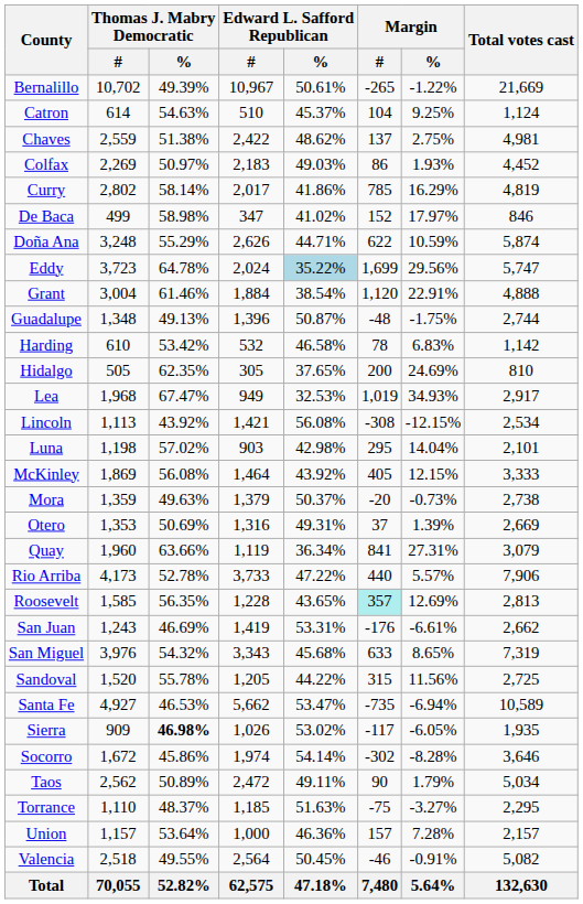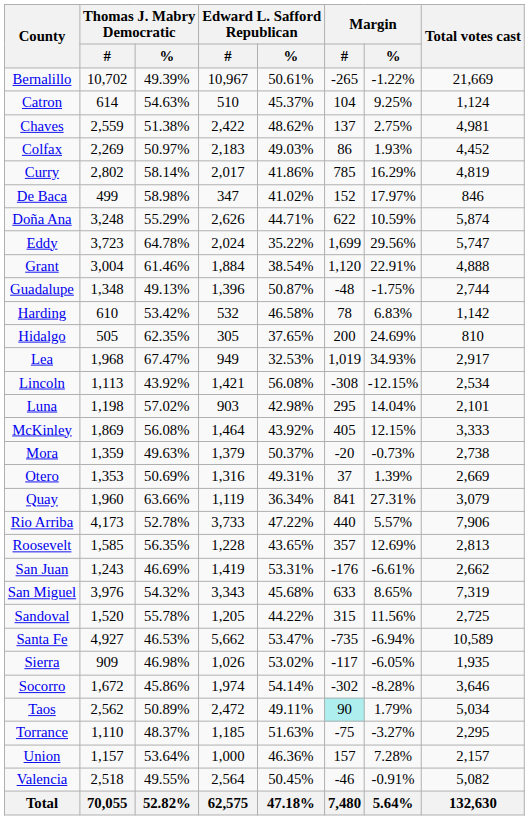 <table class="wikitable sortable" style="text-align:center">
 <tr>
 <th style="text-align:center;" rowspan="2">County</th>
 <th style="text-align:center;" colspan="2">Thomas J. Mabry<br>Democratic</th>
 <th style="text-align:center;" colspan="2">Edward L. Safford<br>Republican</th>
 <th style="text-align:center;" colspan="2">Margin</th>
 <th style="text-align:center;" rowspan="2">Total votes cast</th>
 </tr>
 <tr>
 <th style="text-align:center;" data-sort-type="number">#</th>
 <th style="text-align:center;" data-sort-type="number">%</th>
 <th style="text-align:center;" data-sort-type="number">#</th>
 <th style="text-align:center;" data-sort-type="number">%</th>
 <th style="text-align:center;" data-sort-type="number">#</th>
 <th style="text-align:center;" data-sort-type="number">%</th>
 </tr>
 <tr style="text-align:center;">
 <td><a href='#'>Bernalillo</a></td>
 <td>10,702</td>
 <td>49.39%</td>
 <td>10,967</td>
 <td>50.61%</td>
 <td>-265</td>
 <td>-1.22%</td>
 <td>21,669</td>
 </tr>
 <tr style="text-align:center;">
 <td><a href='#'>Catron</a></td>
 <td>614</td>
 <td>54.63%</td>
 <td>510</td>
 <td>45.37%</td>
 <td>104</td>
 <td>9.25%</td>
 <td>1,124</td>
 </tr>
 <tr style="text-align:center;">
 <td><a href='#'>Chaves</a></td>
 <td>2,559</td>
 <td>51.38%</td>
 <td>2,422</td>
 <td>48.62%</td>
 <td>137</td>
 <td>2.75%</td>
 <td>4,981</td>
 </tr>
 <tr style="text-align:center;">
 <td><a href='#'>Colfax</a></td>
 <td>2,269</td>
 <td>50.97%</td>
 <td>2,183</td>
 <td>49.03%</td>
 <td>86</td>
 <td>1.93%</td>
 <td>4,452</td>
 </tr>
 <tr style="text-align:center;">
 <td><a href='#'>Curry</a></td>
 <td>2,802</td>
 <td>58.14%</td>
 <td>2,017</td>
 <td>41.86%</td>
 <td>785</td>
 <td>16.29%</td>
 <td>4,819</td>
 </tr>
 <tr style="text-align:center;">
 <td><a href='#'>De Baca</a></td>
 <td>499</td>
 <td>58.98%</td>
 <td>347</td>
 <td>41.02%</td>
 <td>152</td>
 <td>17.97%</td>
 <td>846</td>
 </tr>
 <tr style="text-align:center;">
 <td><a href='#'>Doña Ana</a></td>
 <td>3,248</td>
 <td>55.29%</td>
 <td>2,626</td>
 <td>44.71%</td>
 <td>622</td>
 <td>10.59%</td>
 <td>5,874</td>
 </tr>
 <tr style="text-align:center;">
 <td><a href='#'>Eddy</a></td>
 <td>3,723</td>
 <td>64.78%</td>
 <td>2,024</td>
-<td style="background: lightblue;">35.22%</td>
+<td>35.22%</td>
 <td>1,699</td>
 <td>29.56%</td>
 <td>5,747</td>
 </tr>
 <tr style="text-align:center;">
 <td><a href='#'>Grant</a></td>
 <td>3,004</td>
 <td>61.46%</td>
 <td>1,884</td>
 <td>38.54%</td>
 <td>1,120</td>
 <td>22.91%</td>
 <td>4,888</td>
 </tr>
 <tr style="text-align:center;">
 <td><a href='#'>Guadalupe</a></td>
 <td>1,348</td>
 <td>49.13%</td>
 <td>1,396</td>
 <td>50.87%</td>
 <td>-48</td>
 <td>-1.75%</td>
 <td>2,744</td>
 </tr>
 <tr style="text-align:center;">
 <td><a href='#'>Harding</a></td>
 <td>610</td>
 <td>53.42%</td>
 <td>532</td>
 <td>46.58%</td>
 <td>78</td>
 <td>6.83%</td>
 <td>1,142</td>
 </tr>
 <tr style="text-align:center;">
 <td><a href='#'>Hidalgo</a></td>
 <td>505</td>
 <td>62.35%</td>
 <td>305</td>
 <td>37.65%</td>
 <td>200</td>
 <td>24.69%</td>
 <td>810</td>
 </tr>
 <tr style="text-align:center;">
 <td><a href='#'>Lea</a></td>
 <td>1,968</td>
 <td>67.47%</td>
 <td>949</td>
 <td>32.53%</td>
 <td>1,019</td>
 <td>34.93%</td>
 <td>2,917</td>
 </tr>
 <tr style="text-align:center;">
 <td><a href='#'>Lincoln</a></td>
 <td>1,113</td>
 <td>43.92%</td>
 <td>1,421</td>
 <td>56.08%</td>
 <td>-308</td>
 <td>-12.15%</td>
 <td>2,534</td>
 </tr>
 <tr style="text-align:center;">
 <td><a href='#'>Luna</a></td>
 <td>1,198</td>
 <td>57.02%</td>
 <td>903</td>
 <td>42.98%</td>
 <td>295</td>
 <td>14.04%</td>
 <td>2,101</td>
 </tr>
 <tr style="text-align:center;">
 <td><a href='#'>McKinley</a></td>
 <td>1,869</td>
 <td>56.08%</td>
 <td>1,464</td>
 <td>43.92%</td>
 <td>405</td>
 <td>12.15%</td>
 <td>3,333</td>
 </tr>
 <tr style="text-align:center;">
 <td><a href='#'>Mora</a></td>
 <td>1,359</td>
 <td>49.63%</td>
 <td>1,379</td>
 <td>50.37%</td>
 <td>-20</td>
 <td>-0.73%</td>
 <td>2,738</td>
 </tr>
 <tr style="text-align:center;">
 <td><a href='#'>Otero</a></td>
 <td>1,353</td>
 <td>50.69%</td>
 <td>1,316</td>
 <td>49.31%</td>
 <td>37</td>
 <td>1.39%</td>
 <td>2,669</td>
 </tr>
 <tr style="text-align:center;">
 <td><a href='#'>Quay</a></td>
 <td>1,960</td>
 <td>63.66%</td>
 <td>1,119</td>
 <td>36.34%</td>
 <td>841</td>
 <td>27.31%</td>
 <td>3,079</td>
 </tr>
 <tr style="text-align:center;">
 <td><a href='#'>Rio Arriba</a></td>
 <td>4,173</td>
 <td>52.78%</td>
 <td>3,733</td>
 <td>47.22%</td>
 <td>440</td>
 <td>5.57%</td>
 <td>7,906</td>
 </tr>
 <tr style="text-align:center;">
 <td><a href='#'>Roosevelt</a></td>
 <td>1,585</td>
 <td>56.35%</td>
 <td>1,228</td>
 <td>43.65%</td>
-<td style="background: paleturquoise;">357</td>
+<td>357</td>
 <td>12.69%</td>
 <td>2,813</td>
 </tr>
 <tr style="text-align:center;">
 <td><a href='#'>San Juan</a></td>
 <td>1,243</td>
 <td>46.69%</td>
 <td>1,419</td>
 <td>53.31%</td>
 <td>-176</td>
 <td>-6.61%</td>
 <td>2,662</td>
 </tr>
 <tr style="text-align:center;">
 <td><a href='#'>San Miguel</a></td>
 <td>3,976</td>
 <td>54.32%</td>
 <td>3,343</td>
 <td>45.68%</td>
 <td>633</td>
 <td>8.65%</td>
 <td>7,319</td>
 </tr>
 <tr style="text-align:center;">
 <td><a href='#'>Sandoval</a></td>
 <td>1,520</td>
 <td>55.78%</td>
 <td>1,205</td>
 <td>44.22%</td>
 <td>315</td>
 <td>11.56%</td>
 <td>2,725</td>
 </tr>
 <tr style="text-align:center;">
 <td><a href='#'>Santa Fe</a></td>
 <td>4,927</td>
 <td>46.53%</td>
 <td>5,662</td>
 <td>53.47%</td>
 <td>-735</td>
 <td>-6.94%</td>
 <td>10,589</td>
 </tr>
 <tr style="text-align:center;">
 <td><a href='#'>Sierra</a></td>
 <td>909</td>
-<td><strong>46.98%</strong></td>
+<td>46.98%</td>
 <td>1,026</td>
 <td>53.02%</td>
 <td>-117</td>
 <td>-6.05%</td>
 <td>1,935</td>
 </tr>
 <tr style="text-align:center;">
 <td><a href='#'>Socorro</a></td>
 <td>1,672</td>
 <td>45.86%</td>
 <td>1,974</td>
 <td>54.14%</td>
 <td>-302</td>
 <td>-8.28%</td>
 <td>3,646</td>
 </tr>
 <tr style="text-align:center;">
 <td><a href='#'>Taos</a></td>
 <td>2,562</td>
 <td>50.89%</td>
 <td>2,472</td>
 <td>49.11%</td>
-<td>90</td>
+<td style="background: paleturquoise;">90</td>
 <td>1.79%</td>
 <td>5,034</td>
 </tr>
 <tr style="text-align:center;">
 <td><a href='#'>Torrance</a></td>
 <td>1,110</td>
 <td>48.37%</td>
 <td>1,185</td>
 <td>51.63%</td>
 <td>-75</td>
 <td>-3.27%</td>
 <td>2,295</td>
 </tr>
 <tr style="text-align:center;">
 <td><a href='#'>Union</a></td>
 <td>1,157</td>
 <td>53.64%</td>
 <td>1,000</td>
 <td>46.36%</td>
 <td>157</td>
 <td>7.28%</td>
 <td>2,157</td>
 </tr>
 <tr style="text-align:center;">
 <td><a href='#'>Valencia</a></td>
 <td>2,518</td>
 <td>49.55%</td>
 <td>2,564</td>
 <td>50.45%</td>
 <td>-46</td>
 <td>-0.91%</td>
 <td>5,082</td>
 </tr>
 <tr style="text-align:center;">
 <th>Total</th>
 <th>70,055</th>
 <th>52.82%</th>
 <th>62,575</th>
 <th>47.18%</th>
 <th>7,480</th>
 <th>5.64%</th>
 <th>132,630</th>
 </tr>
 </table>
